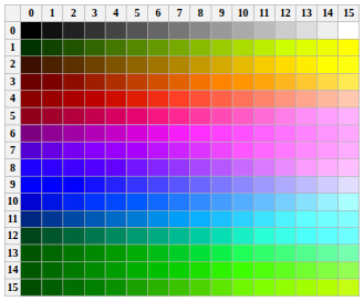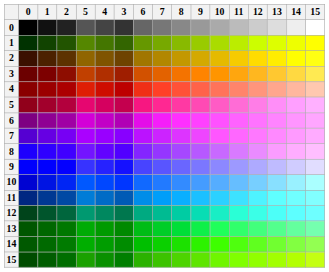 <table class="wikitable">
 <tr>
 <th></th>
 <th>0</th>
 <th>1</th>
 <th>2</th>
+<th>5</th>
+<th>4</th>
 <th>3</th>
-<th>4</th>
-<th>5</th>
 <th>6</th>
 <th>7</th>
 <th>8</th>
 <th>9</th>
 <th>10</th>
 <th>11</th>
 <th>12</th>
 <th>13</th>
 <th>14</th>
 <th>15</th>
 </tr>
 <tr>
 <th>0</th>
 <td style="width: 24px; background-color: #000000"></td>
 <td style="width: 24px; background-color: #111111"></td>
 <td style="width: 24px; background-color: #222222"></td>
+<td style="width: 24px; background-color: #555555"></td>
+<td style="width: 24px; background-color: #444444"></td>
 <td style="width: 24px; background-color: #333333"></td>
-<td style="width: 24px; background-color: #444444"></td>
-<td style="width: 24px; background-color: #555555"></td>
 <td style="width: 24px; background-color: #666666"></td>
 <td style="width: 24px; background-color: #777777"></td>
 <td style="width: 24px; background-color: #888888"></td>
 <td style="width: 24px; background-color: #999999"></td>
 <td style="width: 24px; background-color: #AAAAAA"></td>
 <td style="width: 24px; background-color: #BBBBBB"></td>
 <td style="width: 24px; background-color: #CCCCCC"></td>
 <td style="width: 24px; background-color: #DDDDDD"></td>
 <td style="width: 24px; background-color: #EEEEEE"></td>
 <td style="width: 24px; background-color: #FFFFFF"></td>
 </tr>
 <tr>
 <th>1</th>
 <td style="width: 24px; background-color: #003200"></td>
 <td style="width: 24px; background-color: #114300"></td>
 <td style="width: 24px; background-color: #225400"></td>
+<td style="width: 24px; background-color: #558700"></td>
+<td style="width: 24px; background-color: #447600"></td>
 <td style="width: 24px; background-color: #336500"></td>
-<td style="width: 24px; background-color: #447600"></td>
-<td style="width: 24px; background-color: #558700"></td>
 <td style="width: 24px; background-color: #669800"></td>
 <td style="width: 24px; background-color: #77A900"></td>
 <td style="width: 24px; background-color: #88BA00"></td>
 <td style="width: 24px; background-color: #99CB00"></td>
 <td style="width: 24px; background-color: #AADC00"></td>
 <td style="width: 24px; background-color: #BBED00"></td>
 <td style="width: 24px; background-color: #CCFE00"></td>
 <td style="width: 24px; background-color: #DDFF00"></td>
 <td style="width: 24px; background-color: #EEFF00"></td>
 <td style="width: 24px; background-color: #FFFF00"></td>
 </tr>
 <tr>
 <th>2</th>
 <td style="width: 24px; background-color: #3B1000"></td>
 <td style="width: 24px; background-color: #4C2100"></td>
 <td style="width: 24px; background-color: #5D3200"></td>
+<td style="width: 24px; background-color: #906500"></td>
+<td style="width: 24px; background-color: #7F5400"></td>
 <td style="width: 24px; background-color: #6E4300"></td>
-<td style="width: 24px; background-color: #7F5400"></td>
-<td style="width: 24px; background-color: #906500"></td>
 <td style="width: 24px; background-color: #A17600"></td>
 <td style="width: 24px; background-color: #B28700"></td>
 <td style="width: 24px; background-color: #C39800"></td>
 <td style="width: 24px; background-color: #D4A900"></td>
 <td style="width: 24px; background-color: #E5BA00"></td>
 <td style="width: 24px; background-color: #F6CB00"></td>
 <td style="width: 24px; background-color: #FFDC00"></td>
 <td style="width: 24px; background-color: #FFED00"></td>
 <td style="width: 24px; background-color: #FFFE01"></td>
 <td style="width: 24px; background-color: #FFFF12"></td>
 </tr>
 <tr>
 <th>3</th>
 <td style="width: 24px; background-color: #6C0000"></td>
 <td style="width: 24px; background-color: #7D0000"></td>
 <td style="width: 24px; background-color: #8E0D00"></td>
+<td style="width: 24px; background-color: #C14000"></td>
+<td style="width: 24px; background-color: #B02F00"></td>
 <td style="width: 24px; background-color: #9F1E00"></td>
-<td style="width: 24px; background-color: #B02F00"></td>
-<td style="width: 24px; background-color: #C14000"></td>
 <td style="width: 24px; background-color: #D25100"></td>
 <td style="width: 24px; background-color: #E36200"></td>
 <td style="width: 24px; background-color: #F47300"></td>
 <td style="width: 24px; background-color: #FF8400"></td>
 <td style="width: 24px; background-color: #FF9500"></td>
 <td style="width: 24px; background-color: #FFA60E"></td>
 <td style="width: 24px; background-color: #FFB71F"></td>
 <td style="width: 24px; background-color: #FFC830"></td>
 <td style="width: 24px; background-color: #FFD941"></td>
 <td style="width: 24px; background-color: #FFEA52"></td>
 </tr>
 <tr>
 <th>4</th>
 <td style="width: 24px; background-color: #8A0000"></td>
 <td style="width: 24px; background-color: #9B0000"></td>
 <td style="width: 24px; background-color: #AC0000"></td>
+<td style="width: 24px; background-color: #DF1E05"></td>
+<td style="width: 24px; background-color: #CE0D00"></td>
 <td style="width: 24px; background-color: #BD0000"></td>
-<td style="width: 24px; background-color: #CE0D00"></td>
-<td style="width: 24px; background-color: #DF1E05"></td>
 <td style="width: 24px; background-color: #F02F16"></td>
 <td style="width: 24px; background-color: #FF4027"></td>
 <td style="width: 24px; background-color: #FF5138"></td>
 <td style="width: 24px; background-color: #FF6249"></td>
 <td style="width: 24px; background-color: #FF735A"></td>
 <td style="width: 24px; background-color: #FF846B"></td>
 <td style="width: 24px; background-color: #FF957C"></td>
 <td style="width: 24px; background-color: #FFA68D"></td>
 <td style="width: 24px; background-color: #FFB79E"></td>
 <td style="width: 24px; background-color: #FFC8AF"></td>
 </tr>
 <tr>
 <th>5</th>
 <td style="width: 24px; background-color: #91001B"></td>
 <td style="width: 24px; background-color: #A2002C"></td>
 <td style="width: 24px; background-color: #B3003D"></td>
+<td style="width: 24px; background-color: #E60670"></td>
+<td style="width: 24px; background-color: #D5005F"></td>
 <td style="width: 24px; background-color: #C4004E"></td>
-<td style="width: 24px; background-color: #D5005F"></td>
-<td style="width: 24px; background-color: #E60670"></td>
 <td style="width: 24px; background-color: #F71781"></td>
 <td style="width: 24px; background-color: #FF2892"></td>
 <td style="width: 24px; background-color: #FF39A3"></td>
 <td style="width: 24px; background-color: #FF4AB4"></td>
 <td style="width: 24px; background-color: #FF5BC5"></td>
 <td style="width: 24px; background-color: #FF6CD6"></td>
 <td style="width: 24px; background-color: #FF7DE7"></td>
 <td style="width: 24px; background-color: #FF8EF8"></td>
 <td style="width: 24px; background-color: #FF9FFF"></td>
 <td style="width: 24px; background-color: #FFB0FF"></td>
 </tr>
 <tr>
 <th>6</th>
 <td style="width: 24px; background-color: #7E0082"></td>
 <td style="width: 24px; background-color: #8F0093"></td>
 <td style="width: 24px; background-color: #A000A4"></td>
+<td style="width: 24px; background-color: #D300D7"></td>
+<td style="width: 24px; background-color: #C200C6"></td>
 <td style="width: 24px; background-color: #B100B5"></td>
-<td style="width: 24px; background-color: #C200C6"></td>
-<td style="width: 24px; background-color: #D300D7"></td>
 <td style="width: 24px; background-color: #E40DE8"></td>
 <td style="width: 24px; background-color: #F51EF9"></td>
 <td style="width: 24px; background-color: #FF2FFF"></td>
 <td style="width: 24px; background-color: #FF40FF"></td>
 <td style="width: 24px; background-color: #FF51FF"></td>
 <td style="width: 24px; background-color: #FF62FF"></td>
 <td style="width: 24px; background-color: #FF73FF"></td>
 <td style="width: 24px; background-color: #FF84FF"></td>
 <td style="width: 24px; background-color: #FF95FF"></td>
 <td style="width: 24px; background-color: #FFA6FF"></td>
 </tr>
 <tr>
 <th>7</th>
 <td style="width: 24px; background-color: #5500D2"></td>
 <td style="width: 24px; background-color: #6600E3"></td>
 <td style="width: 24px; background-color: #7700F4"></td>
+<td style="width: 24px; background-color: #AA01FF"></td>
+<td style="width: 24px; background-color: #9900FF"></td>
 <td style="width: 24px; background-color: #8800FF"></td>
-<td style="width: 24px; background-color: #9900FF"></td>
-<td style="width: 24px; background-color: #AA01FF"></td>
 <td style="width: 24px; background-color: #BB12FF"></td>
 <td style="width: 24px; background-color: #CC23FF"></td>
 <td style="width: 24px; background-color: #DD34FF"></td>
 <td style="width: 24px; background-color: #EE45FF"></td>
 <td style="width: 24px; background-color: #FF56FF"></td>
 <td style="width: 24px; background-color: #FF67FF"></td>
 <td style="width: 24px; background-color: #FF78FF"></td>
 <td style="width: 24px; background-color: #FF89FF"></td>
 <td style="width: 24px; background-color: #FF9AFF"></td>
 <td style="width: 24px; background-color: #FFABFF"></td>
 </tr>
 <tr>
 <th>8</th>
 <td style="width: 24px; background-color: #1E00FD"></td>
 <td style="width: 24px; background-color: #2F00FF"></td>
 <td style="width: 24px; background-color: #4000FF"></td>
+<td style="width: 24px; background-color: #7314FF"></td>
+<td style="width: 24px; background-color: #6203FF"></td>
 <td style="width: 24px; background-color: #5100FF"></td>
-<td style="width: 24px; background-color: #6203FF"></td>
-<td style="width: 24px; background-color: #7314FF"></td>
 <td style="width: 24px; background-color: #8425FF"></td>
 <td style="width: 24px; background-color: #9536FF"></td>
 <td style="width: 24px; background-color: #A647FF"></td>
 <td style="width: 24px; background-color: #B758FF"></td>
 <td style="width: 24px; background-color: #C869FF"></td>
 <td style="width: 24px; background-color: #D97AFF"></td>
 <td style="width: 24px; background-color: #EA8BFF"></td>
 <td style="width: 24px; background-color: #FB9CFF"></td>
 <td style="width: 24px; background-color: #FFADFF"></td>
 <td style="width: 24px; background-color: #FFBEFF"></td>
 </tr>
 <tr>
 <th>9</th>
 <td style="width: 24px; background-color: #0000FD"></td>
 <td style="width: 24px; background-color: #0000FF"></td>
 <td style="width: 24px; background-color: #0400FF"></td>
+<td style="width: 24px; background-color: #3733FF"></td>
+<td style="width: 24px; background-color: #2622FF"></td>
 <td style="width: 24px; background-color: #1511FF"></td>
-<td style="width: 24px; background-color: #2622FF"></td>
-<td style="width: 24px; background-color: #3733FF"></td>
 <td style="width: 24px; background-color: #4844FF"></td>
 <td style="width: 24px; background-color: #5955FF"></td>
 <td style="width: 24px; background-color: #6A66FF"></td>
 <td style="width: 24px; background-color: #7B77FF"></td>
 <td style="width: 24px; background-color: #8C88FF"></td>
 <td style="width: 24px; background-color: #9D99FF"></td>
 <td style="width: 24px; background-color: #AEAAFF"></td>
 <td style="width: 24px; background-color: #BFBBFF"></td>
 <td style="width: 24px; background-color: #D0CCFF"></td>
 <td style="width: 24px; background-color: #E1DDFF"></td>
 </tr>
 <tr>
 <th>10</th>
 <td style="width: 24px; background-color: #0003D2"></td>
 <td style="width: 24px; background-color: #0014E3"></td>
 <td style="width: 24px; background-color: #0025F4"></td>
+<td style="width: 24px; background-color: #0058FF"></td>
+<td style="width: 24px; background-color: #0047FF"></td>
 <td style="width: 24px; background-color: #0036FF"></td>
-<td style="width: 24px; background-color: #0047FF"></td>
-<td style="width: 24px; background-color: #0058FF"></td>
 <td style="width: 24px; background-color: #1169FF"></td>
 <td style="width: 24px; background-color: #227AFF"></td>
 <td style="width: 24px; background-color: #338BFF"></td>
 <td style="width: 24px; background-color: #449CFF"></td>
 <td style="width: 24px; background-color: #55ADFF"></td>
 <td style="width: 24px; background-color: #66BEFF"></td>
 <td style="width: 24px; background-color: #77CFFF"></td>
 <td style="width: 24px; background-color: #88E0FF"></td>
 <td style="width: 24px; background-color: #99F1FF"></td>
 <td style="width: 24px; background-color: #AAFFFF"></td>
 </tr>
 <tr>
 <th>11</th>
 <td style="width: 24px; background-color: #002782"></td>
 <td style="width: 24px; background-color: #003893"></td>
 <td style="width: 24px; background-color: #0049A4"></td>
+<td style="width: 24px; background-color: #007CD7"></td>
+<td style="width: 24px; background-color: #006BC6"></td>
 <td style="width: 24px; background-color: #005AB5"></td>
-<td style="width: 24px; background-color: #006BC6"></td>
-<td style="width: 24px; background-color: #007CD7"></td>
 <td style="width: 24px; background-color: #008DE8"></td>
 <td style="width: 24px; background-color: #009EF9"></td>
 <td style="width: 24px; background-color: #0AAFFF"></td>
 <td style="width: 24px; background-color: #1BC0FF"></td>
 <td style="width: 24px; background-color: #2CD1FF"></td>
 <td style="width: 24px; background-color: #3DE2FF"></td>
 <td style="width: 24px; background-color: #4EF3FF"></td>
 <td style="width: 24px; background-color: #5FFFFF"></td>
 <td style="width: 24px; background-color: #70FFFF"></td>
 <td style="width: 24px; background-color: #81FFFF"></td>
 </tr>
 <tr>
 <th>12</th>
 <td style="width: 24px; background-color: #00441B"></td>
 <td style="width: 24px; background-color: #00552C"></td>
 <td style="width: 24px; background-color: #00663D"></td>
+<td style="width: 24px; background-color: #009970"></td>
+<td style="width: 24px; background-color: #00885F"></td>
 <td style="width: 24px; background-color: #00774E"></td>
-<td style="width: 24px; background-color: #00885F"></td>
-<td style="width: 24px; background-color: #009970"></td>
 <td style="width: 24px; background-color: #00AA81"></td>
 <td style="width: 24px; background-color: #00BB92"></td>
 <td style="width: 24px; background-color: #00CCA3"></td>
 <td style="width: 24px; background-color: #08DDB4"></td>
 <td style="width: 24px; background-color: #19EEC5"></td>
 <td style="width: 24px; background-color: #2AFFD6"></td>
 <td style="width: 24px; background-color: #3BFFE7"></td>
 <td style="width: 24px; background-color: #4CFFF8"></td>
 <td style="width: 24px; background-color: #5DFFFF"></td>
 <td style="width: 24px; background-color: #6EFFFF"></td>
 </tr>
 <tr>
 <th>13</th>
 <td style="width: 24px; background-color: #005600"></td>
 <td style="width: 24px; background-color: #006700"></td>
 <td style="width: 24px; background-color: #007800"></td>
+<td style="width: 24px; background-color: #00AB05"></td>
+<td style="width: 24px; background-color: #009A00"></td>
 <td style="width: 24px; background-color: #008900"></td>
-<td style="width: 24px; background-color: #009A00"></td>
-<td style="width: 24px; background-color: #00AB05"></td>
 <td style="width: 24px; background-color: #00BC16"></td>
 <td style="width: 24px; background-color: #00CD27"></td>
 <td style="width: 24px; background-color: #00DE38"></td>
 <td style="width: 24px; background-color: #0FEF49"></td>
 <td style="width: 24px; background-color: #20FF5A"></td>
 <td style="width: 24px; background-color: #31FF6B"></td>
 <td style="width: 24px; background-color: #42FF7C"></td>
 <td style="width: 24px; background-color: #53FF8D"></td>
 <td style="width: 24px; background-color: #64FF9E"></td>
 <td style="width: 24px; background-color: #75FFAF"></td>
 </tr>
 <tr>
 <th>14</th>
 <td style="width: 24px; background-color: #005900"></td>
 <td style="width: 24px; background-color: #006A00"></td>
 <td style="width: 24px; background-color: #007B00"></td>
+<td style="width: 24px; background-color: #00AE00"></td>
+<td style="width: 24px; background-color: #009D00"></td>
 <td style="width: 24px; background-color: #008C00"></td>
-<td style="width: 24px; background-color: #009D00"></td>
-<td style="width: 24px; background-color: #00AE00"></td>
 <td style="width: 24px; background-color: #00BF00"></td>
 <td style="width: 24px; background-color: #0BD000"></td>
 <td style="width: 24px; background-color: #1CE100"></td>
 <td style="width: 24px; background-color: #2DF200"></td>
 <td style="width: 24px; background-color: #3EFF00"></td>
 <td style="width: 24px; background-color: #4FFF0E"></td>
 <td style="width: 24px; background-color: #60FF1F"></td>
 <td style="width: 24px; background-color: #71FF30"></td>
 <td style="width: 24px; background-color: #82FF41"></td>
 <td style="width: 24px; background-color: #93FF52"></td>
 </tr>
 <tr>
 <th>15</th>
 <td style="width: 24px; background-color: #004C00"></td>
 <td style="width: 24px; background-color: #005D00"></td>
 <td style="width: 24px; background-color: #006E00"></td>
+<td style="width: 24px; background-color: #1AA100"></td>
+<td style="width: 24px; background-color: #099000"></td>
 <td style="width: 24px; background-color: #007F00"></td>
-<td style="width: 24px; background-color: #099000"></td>
-<td style="width: 24px; background-color: #1AA100"></td>
 <td style="width: 24px; background-color: #2BB200"></td>
 <td style="width: 24px; background-color: #3CC300"></td>
 <td style="width: 24px; background-color: #4DD400"></td>
 <td style="width: 24px; background-color: #5EE500"></td>
 <td style="width: 24px; background-color: #6FF600"></td>
 <td style="width: 24px; background-color: #80FF00"></td>
 <td style="width: 24px; background-color: #91FF00"></td>
 <td style="width: 24px; background-color: #A2FF00"></td>
 <td style="width: 24px; background-color: #B3FF01"></td>
 <td style="width: 24px; background-color: #C4FF12"></td>
 </tr>
 </table>
